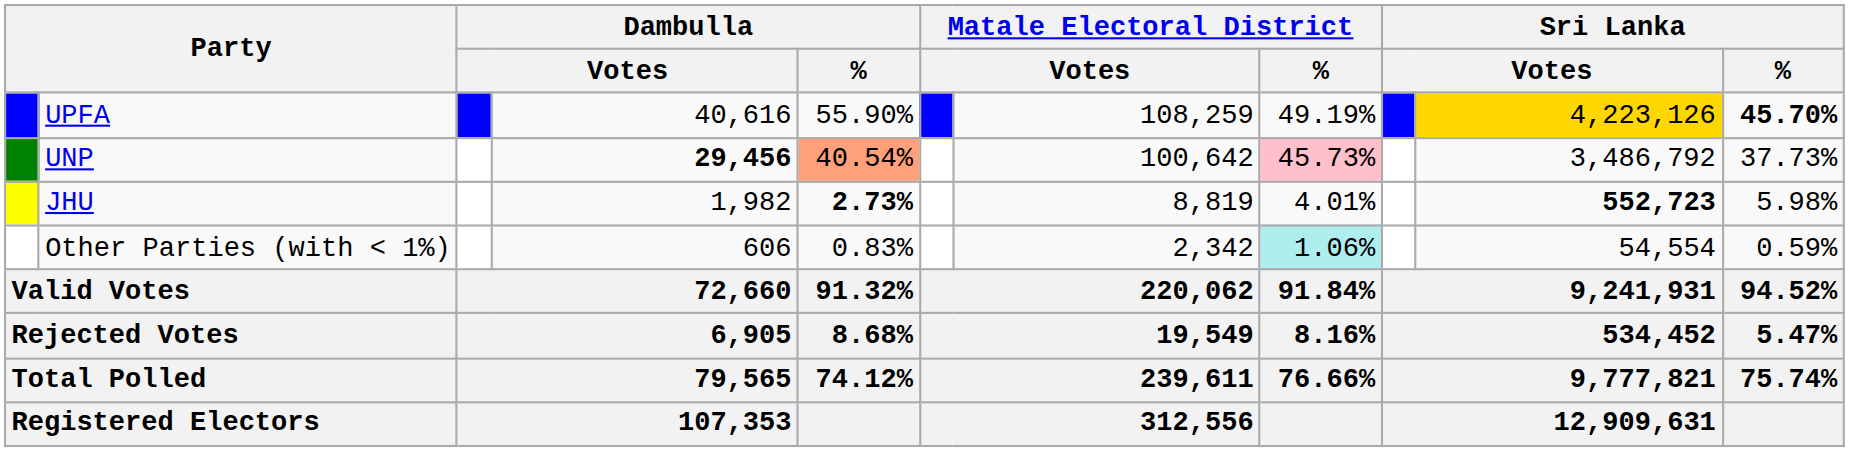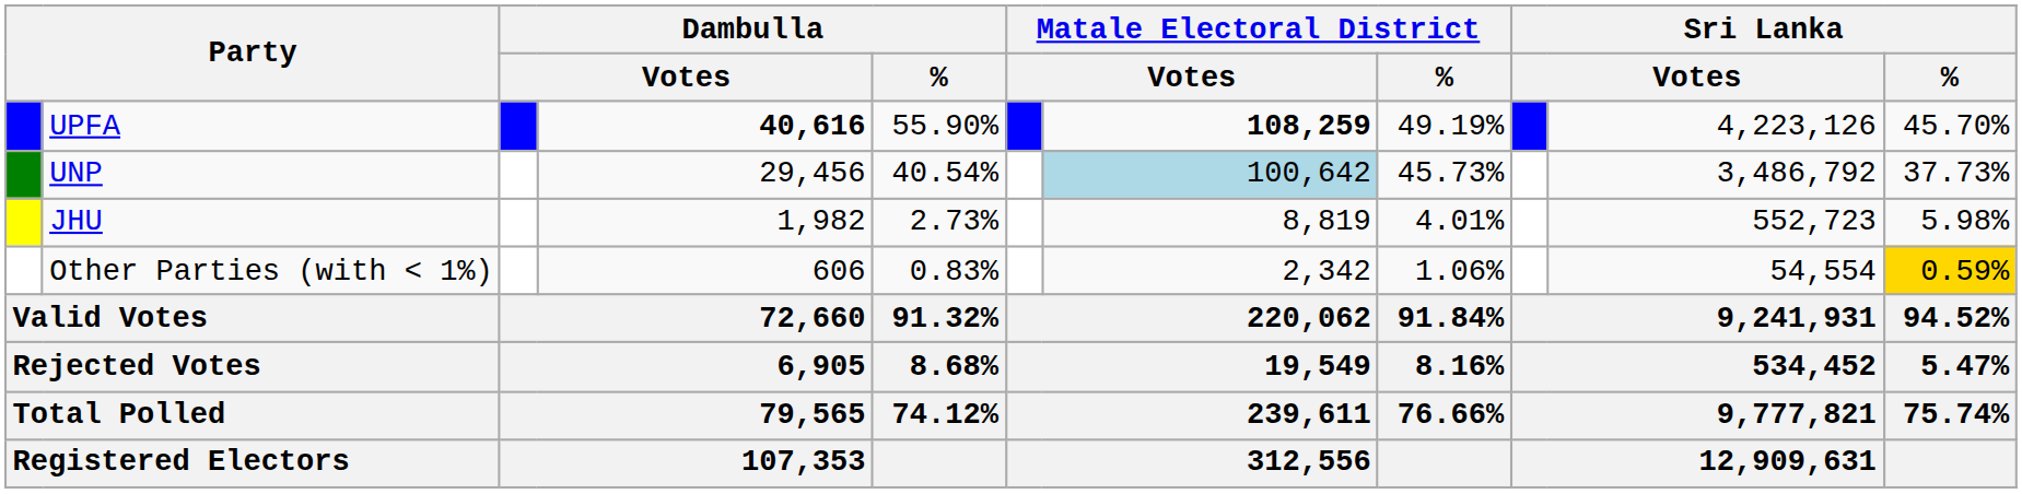 <table class="wikitable">
 <tr>
 <th colspan="2" width="144px"rowspan="2">Party</th>
 <th colspan="3" width="216px">Dambulla</th>
 <th colspan="3" width="216px"><a href='#'>Matale Electoral District</a></th>
 <th colspan="3" width="216px">Sri Lanka</th>
 </tr>
 <tr>
 <th colspan="2" width="144px">Votes</th>
 <th>%</th>
 <th colspan="2" width="144px">Votes</th>
 <th>%</th>
 <th colspan="2" width="144px">Votes</th>
 <th>%</th>
 </tr>
 <tr>
 <td style="background-color:blue;" width="10px"></td>
 <td style="text-align:left;"><a href='#'>UPFA</a></td>
 <td style="background-color:blue;" width="10px"></td>
-<td style="text-align:right;">40,616</td>
+<td style="text-align:right;"><strong>40,616</strong></td>
 <td style="text-align:right;">55.90%</td>
 <td style="background-color:blue;" width="10px"></td>
-<td style="text-align:right;">108,259</td>
+<td style="text-align:right;"><strong>108,259</strong></td>
 <td style="text-align:right;">49.19%</td>
 <td style="background-color:blue;" width="10px"></td>
-<td style="background: gold; text-align:right;">4,223,126</td>
-<td style="text-align:right;"><strong>45.70%</strong></td>
+<td style="text-align:right;">4,223,126</td>
+<td style="text-align:right;">45.70%</td>
 </tr>
 <tr>
 <td style="background-color:green;" width="10px"></td>
 <td style="text-align:left;"><a href='#'>UNP</a></td>
 <td style="background-color:white;" width="10px"></td>
-<td style="text-align:right;"><strong>29,456</strong></td>
-<td style="background: lightsalmon; text-align:right;">40.54%</td>
+<td style="text-align:right;">29,456</td>
+<td style="text-align:right;">40.54%</td>
 <td style="background-color:white;" width="10px"></td>
-<td style="text-align:right;">100,642</td>
-<td style="background: pink; text-align:right;">45.73%</td>
+<td style="background: lightblue; text-align:right;">100,642</td>
+<td style="text-align:right;">45.73%</td>
 <td style="background-color:white;" width="10px"></td>
 <td style="text-align:right;">3,486,792</td>
 <td style="text-align:right;">37.73%</td>
 </tr>
 <tr>
 <td style="background-color:yellow;" width="10px"></td>
 <td style="text-align:left;"><a href='#'>JHU</a></td>
 <td style="background-color:white;" width="10px"></td>
 <td style="text-align:right;">1,982</td>
-<td style="text-align:right;"><strong>2.73%</strong></td>
+<td style="text-align:right;">2.73%</td>
 <td style="background-color:white;" width="10px"></td>
 <td style="text-align:right;">8,819</td>
 <td style="text-align:right;">4.01%</td>
 <td style="background-color:white;" width="10px"></td>
-<td style="text-align:right;"><strong>552,723</strong></td>
+<td style="text-align:right;">552,723</td>
 <td style="text-align:right;">5.98%</td>
 </tr>
 <tr>
 <td style="background-color:white;" width="10px"></td>
 <td style="text-align:left;">Other Parties (with < 1%)</td>
 <td style="background-color:white;" width="10px"></td>
 <td style="text-align:right;">606</td>
 <td style="text-align:right;">0.83%</td>
 <td style="background-color:white;" width="10px"></td>
 <td style="text-align:right;">2,342</td>
-<td style="background: paleturquoise; text-align:right;">1.06%</td>
+<td style="text-align:right;">1.06%</td>
 <td style="background-color:white;" width="10px"></td>
 <td style="text-align:right;">54,554</td>
-<td style="text-align:right;">0.59%</td>
+<td style="background: gold; text-align:right;">0.59%</td>
 </tr>
 <tr>
 <th colspan="2" width="144px"style="text-align:left;">Valid Votes</th>
 <th style="text-align:right;"colspan="2" width="144px">72,660</th>
 <th style="text-align:right;">91.32%</th>
 <th style="text-align:right;"colspan="2" width="144px">220,062</th>
 <th style="text-align:right;">91.84%</th>
 <th style="text-align:right;"colspan="2" width="144px">9,241,931</th>
 <th style="text-align:right;">94.52%</th>
 </tr>
 <tr>
 <th colspan="2" width="144px"style="text-align:left;">Rejected Votes</th>
 <th style="text-align:right;"colspan="2" width="144px">6,905</th>
 <th style="text-align:right;">8.68%</th>
 <th style="text-align:right;"colspan="2" width="144px">19,549</th>
 <th style="text-align:right;">8.16%</th>
 <th style="text-align:right;"colspan="2" width="144px">534,452</th>
 <th style="text-align:right;">5.47%</th>
 </tr>
 <tr>
 <th colspan="2" width="144px"style="text-align:left;">Total Polled</th>
 <th style="text-align:right;"colspan="2" width="144px">79,565</th>
 <th style="text-align:right;">74.12%</th>
 <th style="text-align:right;"colspan="2" width="144px">239,611</th>
 <th style="text-align:right;">76.66%</th>
 <th style="text-align:right;"colspan="2" width="144px">9,777,821</th>
 <th style="text-align:right;">75.74%</th>
 </tr>
 <tr>
 <th colspan="2" width="144px"style="text-align:left;">Registered Electors</th>
 <th style="text-align:right;"colspan="2" width="144px">107,353</th>
 <th></th>
 <th style="text-align:right;"colspan="2" width="144px">312,556</th>
 <th></th>
 <th style="text-align:right;"colspan="2" width="144px">12,909,631</th>
 <th></th>
 </tr>
 </table>
